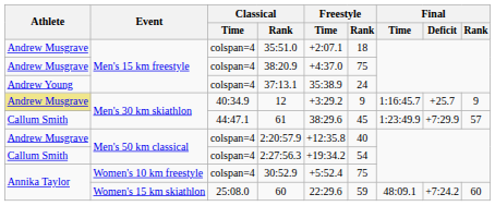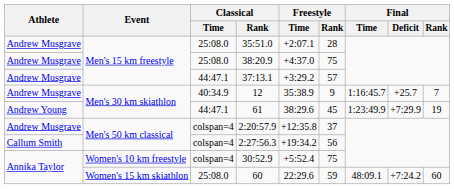 <table class="wikitable" style="font-size:90%">
 <tr>
 <th rowspan=2>Athlete</th>
 <th rowspan=2>Event</th>
 <th colspan=2>Classical</th>
 <th colspan=2>Freestyle</th>
 <th colspan=3>Final</th>
 </tr>
 <tr style="font-size: 95%">
 <th>Time</th>
 <th>Rank</th>
 <th>Time</th>
 <th>Rank</th>
 <th>Time</th>
 <th>Deficit</th>
 <th>Rank</th>
 </tr>
 <tr align=center>
 <td align=left><a href='#'>Andrew Musgrave</a></td>
 <td align=left rowspan=3><a href='#'>Men's 15 km freestyle</a></td>
-<td>colspan=4 </td>
+<td>25:08.0</td>
 <td>35:51.0</td>
 <td>+2:07.1</td>
-<td>18</td>
+<td>28</td>
 </tr>
 <tr align=center>
 <td align=left><a href='#'>Andrew Musgrave</a></td>
-<td>colspan=4 </td>
+<td>25:08.0</td>
 <td>38:20.9</td>
 <td>+4:37.0</td>
 <td>75</td>
 </tr>
 <tr align=center>
-<td align=left><a href='#'>Andrew Young</a></td>
-<td>colspan=4 </td>
+<td align=left><a href='#'>Andrew Musgrave</a></td>
+<td>44:47.1</td>
 <td>37:13.1</td>
-<td>35:38.9</td>
-<td>24</td>
+<td>+3:29.2</td>
+<td>57</td>
 </tr>
 <tr align=center>
-<td align=left style="background: khaki;"><a href='#'>Andrew Musgrave</a></td>
+<td align=left><a href='#'>Andrew Musgrave</a></td>
 <td align=left rowspan=2><a href='#'>Men's 30 km skiathlon</a></td>
 <td>40:34.9</td>
 <td>12</td>
-<td>+3:29.2</td>
+<td>35:38.9</td>
 <td>9</td>
 <td>1:16:45.7</td>
 <td>+25.7</td>
-<td>9</td>
+<td>7</td>
 </tr>
 <tr align=center>
-<td align=left><a href='#'>Callum Smith</a></td>
+<td align=left><a href='#'>Andrew Young</a></td>
 <td>44:47.1</td>
 <td>61</td>
 <td>38:29.6</td>
 <td>45</td>
 <td>1:23:49.9</td>
 <td>+7:29.9</td>
-<td>57</td>
+<td>19</td>
 </tr>
 <tr align=center>
 <td align=left><a href='#'>Andrew Musgrave</a></td>
 <td align=left rowspan=2><a href='#'>Men's 50 km classical</a></td>
 <td>colspan=4 </td>
 <td>2:20:57.9</td>
 <td>+12:35.8</td>
-<td>40</td>
+<td>37</td>
 </tr>
 <tr align=center>
 <td align=left><a href='#'>Callum Smith</a></td>
 <td>colspan=4 </td>
 <td>2:27:56.3</td>
 <td>+19:34.2</td>
-<td>54</td>
+<td>56</td>
 </tr>
 <tr align=center>
 <td align=left rowspan=2><a href='#'>Annika Taylor</a></td>
 <td align=left><a href='#'>Women's 10 km freestyle</a></td>
 <td>colspan=4 </td>
 <td>30:52.9</td>
 <td>+5:52.4</td>
 <td>75</td>
 </tr>
 <tr align=center>
 <td align=left><a href='#'>Women's 15 km skiathlon</a></td>
 <td>25:08.0</td>
 <td>60</td>
 <td>22:29.6</td>
 <td>59</td>
 <td>48:09.1</td>
 <td>+7:24.2</td>
 <td>60</td>
 </tr>
 </table>
